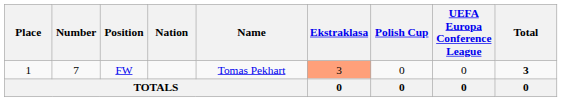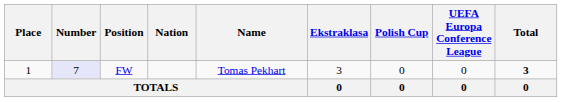 <table class="wikitable" style="font-size: 100%; text-align: center;">
 <tr>
 <th width=60>Place</th>
 <th width=60>Number</th>
 <th width=60>Position</th>
 <th width=60>Nation</th>
 <th width=150>Name</th>
 <th width=80><a href='#'>Ekstraklasa</a></th>
 <th width=80><a href='#'>Polish Cup</a></th>
 <th width=80><a href='#'>UEFA Europa Conference League</a></th>
 <th width=80>Total</th>
 </tr>
 <tr>
 <td rowspan="1">1</td>
-<td>7</td>
+<td style="background: lavender;">7</td>
 <td><a href='#'>FW</a></td>
 <td></td>
 <td><a href='#'>Tomas Pekhart</a></td>
-<td style="background: lightsalmon;">3</td>
+<td>3</td>
 <td>0</td>
 <td>0</td>
 <td rowspan="1"><strong>3</strong></td>
 </tr>
 <tr>
 <th colspan="5">TOTALS</th>
 <th>0</th>
 <th>0</th>
 <th>0</th>
 <th>0</th>
 </tr>
 </table>
